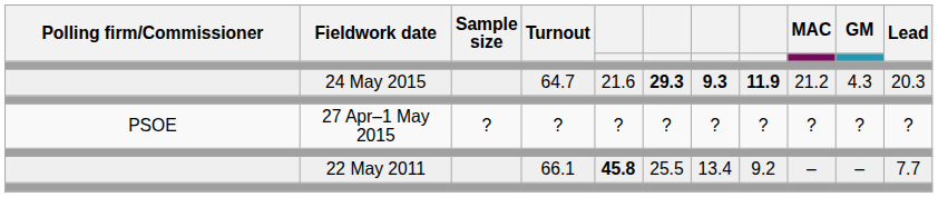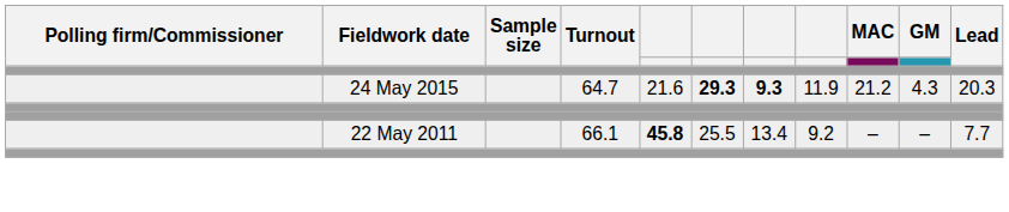 <table class="wikitable collapsible collapsed" style="text-align:center; font-size:95%; line-height:16px;">
 <tr style="height:42px;">
 <th style="width:250px;" rowspan="2">Polling firm/Commissioner</th>
 <th style="width:125px;" rowspan="2">Fieldwork date</th>
 <th style="width:50px;" rowspan="2">Sample size</th>
 <th style="width:45px;" rowspan="2">Turnout</th>
 <th style="width:35px;"></th>
 <th style="width:35px;"></th>
 <th style="width:35px;"></th>
 <th style="width:35px;"></th>
 <th style="width:35px;">MAC</th>
 <th style="width:35px;">GM</th>
 <th style="width:30px;" rowspan="2">Lead</th>
 </tr>
 <tr>
 <th style="color:inherit;background:"></th>
 <th style="color:inherit;background:"></th>
 <th style="color:inherit;background:"></th>
 <th style="color:inherit;background:"></th>
 <th style="color:inherit;background:#780A5B;"></th>
 <th style="color:inherit;background:#2497B1;"></th>
 </tr>
 <tr>
 <td colspan="11" style="background:#A0A0A0"></td>
 </tr>
 <tr style="background:#EFEFEF;">
 <td><strong></strong></td>
 <td>24 May 2015</td>
 <td></td>
 <td>64.7</td>
 <td>21.6<br></td>
 <td><strong>29.3</strong><br></td>
 <td><strong>9.3<br></strong></td>
-<td><strong>11.9<br></strong></td>
+<td>11.9<br></td>
 <td>21.2<br></td>
 <td>4.3<br></td>
 <td style="background:">20.3</td>
 </tr>
 <tr>
 <td colspan="11" style="background:#A0A0A0"></td>
-</tr>
-<tr>
-<td>PSOE</td>
-<td>27 Apr–1 May 2015</td>
-<td>?</td>
-<td>?</td>
-<td>?<br></td>
-<td>?<br></td>
-<td>?<br></td>
-<td>?<br></td>
-<td>?<br></td>
-<td>?<br></td>
-<td style="background:">?</td>
 </tr>
 <tr>
 <td colspan="11" style="background:#A0A0A0"></td>
 </tr>
 <tr style="background:#EFEFEF;">
 <td><strong></strong></td>
 <td>22 May 2011</td>
 <td></td>
 <td>66.1</td>
 <td><strong>45.8</strong><br></td>
 <td>25.5<br></td>
 <td>13.4<br></td>
 <td>9.2<br></td>
 <td>–</td>
 <td>–</td>
 <td style="background:">7.7</td>
 </tr>
 <tr>
 <td colspan="11" style="background:#A0A0A0"></td>
 </tr>
 </table>
